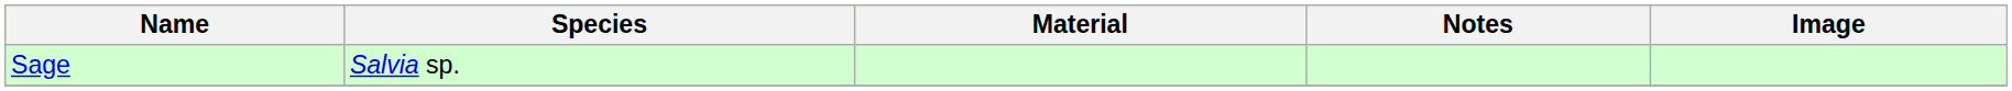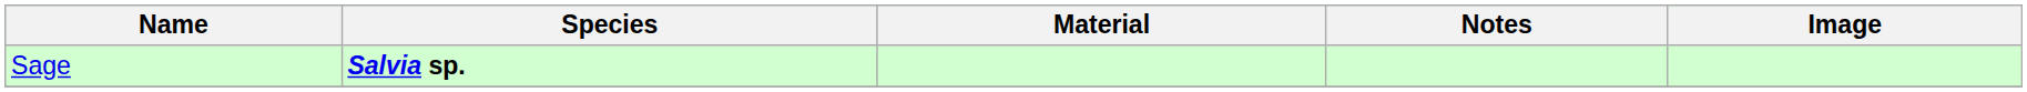 <table class="wikitable" align="center" width="100%" style="background:#D1FFCF;">
 <tr>
 <th>Name</th>
 <th>Species</th>
 <th>Material</th>
 <th>Notes</th>
 <th>Image</th>
 </tr>
 <tr>
 <td><a href='#'>Sage</a></td>
-<td><em><a href='#'>Salvia</a></em> sp.</td>
+<td><strong><em><a href='#'>Salvia</a></em> sp.</strong></td>
 <td></td>
 <td></td>
 <td></td>
 </tr>
 <tr>
 </tr>
 </table>
